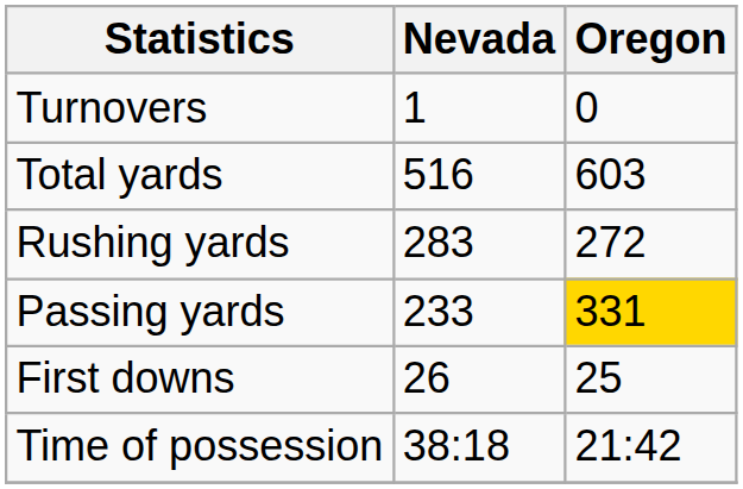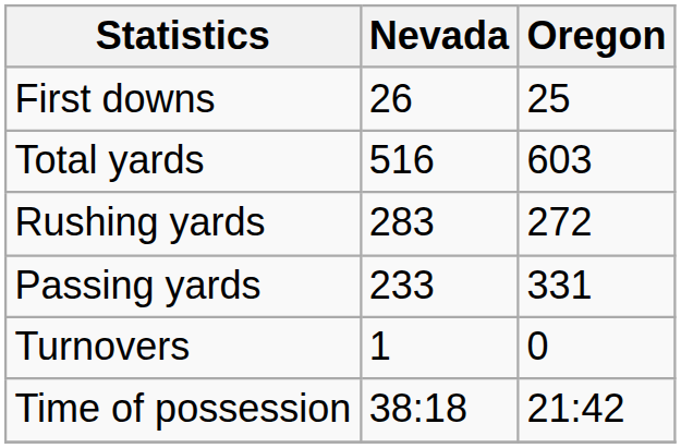 <table class="wikitable">
 <tr>
 <th>Statistics</th>
 <th>Nevada</th>
 <th>Oregon</th>
 </tr>
 <tr>
-<td>Turnovers</td>
-<td>1</td>
-<td>0</td>
+<td>First downs</td>
+<td>26</td>
+<td>25</td>
 </tr>
 <tr>
 <td>Total yards</td>
 <td>516</td>
 <td>603</td>
 </tr>
 <tr>
 <td>Rushing yards</td>
 <td>283</td>
 <td>272</td>
 </tr>
 <tr>
 <td>Passing yards</td>
 <td>233</td>
-<td style="background: gold;">331</td>
+<td>331</td>
 </tr>
 <tr>
-<td>First downs</td>
-<td>26</td>
-<td>25</td>
+<td>Turnovers</td>
+<td>1</td>
+<td>0</td>
 </tr>
 <tr>
 <td>Time of possession</td>
 <td>38:18</td>
 <td>21:42</td>
 </tr>
 <tr>
 </tr>
 </table>
